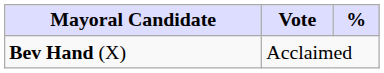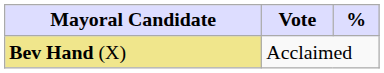 <table class="wikitable">
 <tr>
 <th style="background:#ddf; width:200px;">Mayoral Candidate</th>
 <th style="background:#ddf; width:50px;">Vote</th>
 <th style="background:#ddf; width:30px;">%</th>
 </tr>
 <tr>
-<td><strong>Bev Hand</strong> (X)</td>
+<td style="background: khaki;"><strong>Bev Hand</strong> (X)</td>
 <td colspan="2">Acclaimed</td>
 </tr>
 </table>
